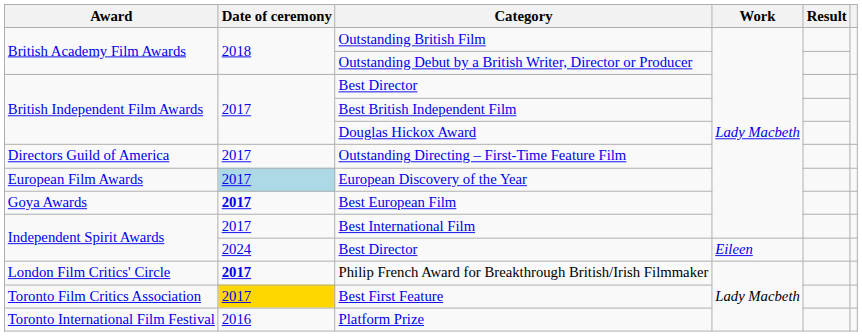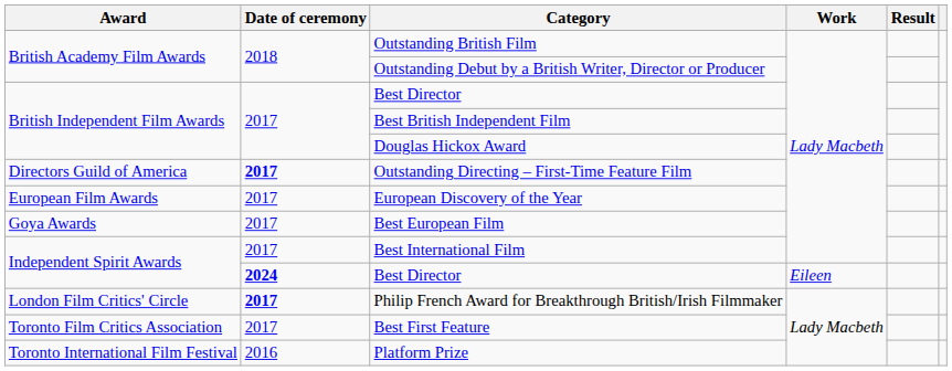 <table class="wikitable sortable plainrowheaders">
 <tr>
 <th scope="col">Award</th>
 <th scope="col">Date of ceremony</th>
 <th scope="col">Category</th>
 <th scope="col">Work</th>
 <th scope="col">Result</th>
 <th scope="col" class="unsortable"></th>
 </tr>
 <tr>
 <td rowspan=2><a href='#'>British Academy Film Awards</a></td>
 <td rowspan=2><a href='#'>2018</a></td>
 <td><a href='#'>Outstanding British Film</a></td>
 <td rowspan=9><em><a href='#'>Lady Macbeth</a></em></td>
 <td></td>
 <td rowspan=2></td>
 </tr>
 <tr>
 <td><a href='#'>Outstanding Debut by a British Writer, Director or Producer</a></td>
 <td></td>
 </tr>
 <tr>
 <td rowspan=3><a href='#'>British Independent Film Awards</a></td>
 <td rowspan=3><a href='#'>2017</a></td>
 <td><a href='#'>Best Director</a></td>
 <td></td>
 <td rowspan=3></td>
 </tr>
 <tr>
 <td><a href='#'>Best British Independent Film</a></td>
 <td></td>
 </tr>
 <tr>
 <td><a href='#'>Douglas Hickox Award</a></td>
 <td></td>
 </tr>
 <tr>
 <td><a href='#'>Directors Guild of America</a></td>
-<td><a href='#'>2017</a></td>
+<td><strong><a href='#'>2017</a></strong></td>
 <td><a href='#'>Outstanding Directing – First-Time Feature Film</a></td>
 <td></td>
 <td></td>
 </tr>
 <tr>
 <td><a href='#'>European Film Awards</a></td>
-<td style="background: lightblue;"><a href='#'>2017</a></td>
+<td><a href='#'>2017</a></td>
 <td><a href='#'>European Discovery of the Year</a></td>
 <td></td>
 <td></td>
 </tr>
 <tr>
 <td><a href='#'>Goya Awards</a></td>
-<td><strong><a href='#'>2017</a></strong></td>
+<td><a href='#'>2017</a></td>
 <td><a href='#'>Best European Film</a></td>
 <td></td>
 <td></td>
 </tr>
 <tr>
 <td rowspan=2><a href='#'>Independent Spirit Awards</a></td>
 <td><a href='#'>2017</a></td>
 <td><a href='#'>Best International Film</a></td>
 <td></td>
 <td></td>
 </tr>
 <tr>
-<td><a href='#'>2024</a></td>
+<td><strong><a href='#'>2024</a></strong></td>
 <td><a href='#'>Best Director</a></td>
 <td><em><a href='#'>Eileen</a></em></td>
 <td></td>
 <td></td>
 </tr>
 <tr>
 <td><a href='#'>London Film Critics' Circle</a></td>
 <td><strong><a href='#'>2017</a></strong></td>
 <td>Philip French Award for Breakthrough British/Irish Filmmaker</td>
 <td rowspan=3><em>Lady Macbeth</em></td>
 <td></td>
 <td></td>
 </tr>
 <tr>
 <td><a href='#'>Toronto Film Critics Association</a></td>
-<td style="background: gold;"><a href='#'>2017</a></td>
+<td><a href='#'>2017</a></td>
 <td><a href='#'>Best First Feature</a></td>
 <td></td>
 <td></td>
 </tr>
 <tr>
 <td><a href='#'>Toronto International Film Festival</a></td>
 <td><a href='#'>2016</a></td>
 <td><a href='#'>Platform Prize</a></td>
 <td></td>
 <td></td>
 </tr>
 </table>
